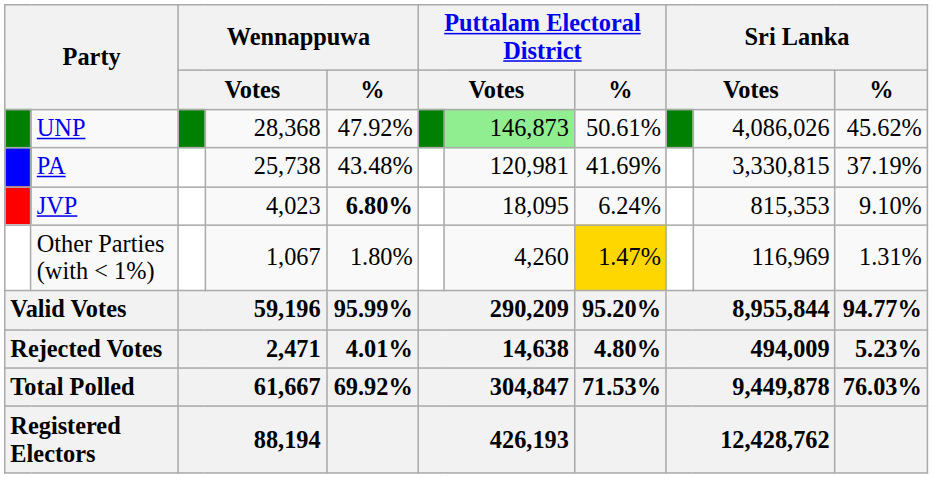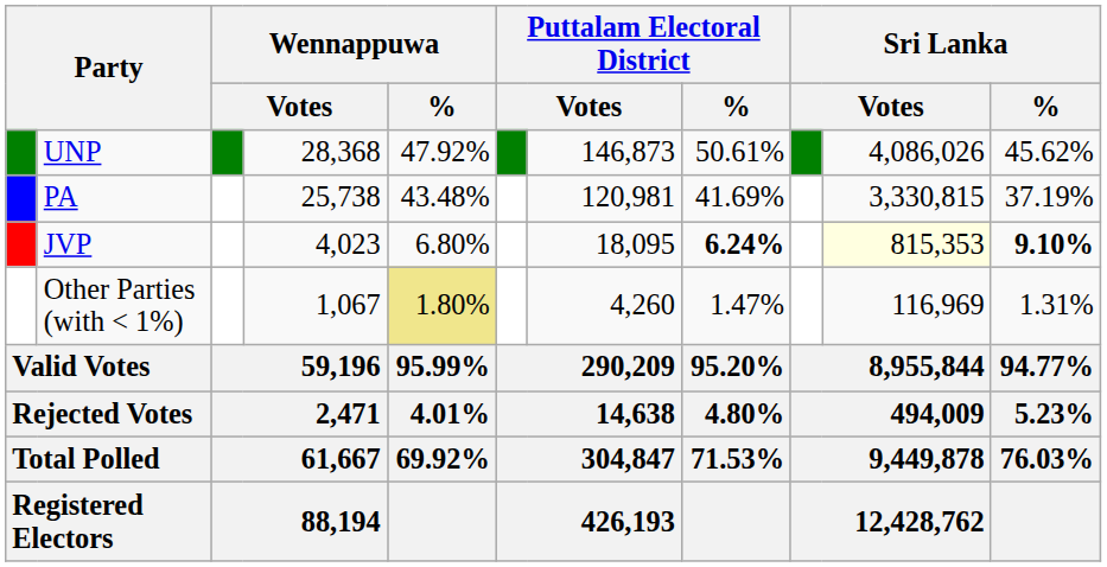 <table class="wikitable">
 <tr>
 <th colspan="2" width="144px"rowspan="2">Party</th>
 <th colspan="3" width="216px">Wennappuwa</th>
 <th colspan="3" width="216px"><a href='#'>Puttalam Electoral District</a></th>
 <th colspan="3" width="216px">Sri Lanka</th>
 </tr>
 <tr>
 <th colspan="2" width="144px">Votes</th>
 <th>%</th>
 <th colspan="2" width="144px">Votes</th>
 <th>%</th>
 <th colspan="2" width="144px">Votes</th>
 <th>%</th>
 </tr>
 <tr>
 <td style="background-color:green;" width="10px"></td>
 <td style="text-align:left;"><a href='#'>UNP</a></td>
 <td style="background-color:green;" width="10px"></td>
 <td style="text-align:right;">28,368</td>
 <td style="text-align:right;">47.92%</td>
 <td style="background-color:green;" width="10px"></td>
-<td style="background: lightgreen; text-align:right;">146,873</td>
+<td style="text-align:right;">146,873</td>
 <td style="text-align:right;">50.61%</td>
 <td style="background-color:green;" width="10px"></td>
 <td style="text-align:right;">4,086,026</td>
 <td style="text-align:right;">45.62%</td>
 </tr>
 <tr>
 <td style="background-color:blue;" width="10px"></td>
 <td style="text-align:left;"><a href='#'>PA</a></td>
 <td style="background-color:white;" width="10px"></td>
 <td style="text-align:right;">25,738</td>
 <td style="text-align:right;">43.48%</td>
 <td style="background-color:white;" width="10px"></td>
 <td style="text-align:right;">120,981</td>
 <td style="text-align:right;">41.69%</td>
 <td style="background-color:white;" width="10px"></td>
 <td style="text-align:right;">3,330,815</td>
 <td style="text-align:right;">37.19%</td>
 </tr>
 <tr>
 <td style="background-color:red;" width="10px"></td>
 <td style="text-align:left;"><a href='#'>JVP</a></td>
 <td style="background-color:white;" width="10px"></td>
 <td style="text-align:right;">4,023</td>
-<td style="text-align:right;"><strong>6.80%</strong></td>
+<td style="text-align:right;">6.80%</td>
 <td style="background-color:white;" width="10px"></td>
 <td style="text-align:right;">18,095</td>
-<td style="text-align:right;">6.24%</td>
+<td style="text-align:right;"><strong>6.24%</strong></td>
 <td style="background-color:white;" width="10px"></td>
-<td style="text-align:right;">815,353</td>
-<td style="text-align:right;">9.10%</td>
+<td style="background: lightyellow; text-align:right;">815,353</td>
+<td style="text-align:right;"><strong>9.10%</strong></td>
 </tr>
 <tr>
 <td style="background-color:white;" width="10px"></td>
 <td style="text-align:left;">Other Parties (with < 1%)</td>
 <td style="background-color:white;" width="10px"></td>
 <td style="text-align:right;">1,067</td>
-<td style="text-align:right;">1.80%</td>
+<td style="background: khaki; text-align:right;">1.80%</td>
 <td style="background-color:white;" width="10px"></td>
 <td style="text-align:right;">4,260</td>
-<td style="background: gold; text-align:right;">1.47%</td>
+<td style="text-align:right;">1.47%</td>
 <td style="background-color:white;" width="10px"></td>
 <td style="text-align:right;">116,969</td>
 <td style="text-align:right;">1.31%</td>
 </tr>
 <tr>
 <th colspan="2" width="144px"style="text-align:left;">Valid Votes</th>
 <th style="text-align:right;"colspan="2" width="144px">59,196</th>
 <th style="text-align:right;">95.99%</th>
 <th style="text-align:right;"colspan="2" width="144px">290,209</th>
 <th style="text-align:right;">95.20%</th>
 <th style="text-align:right;"colspan="2" width="144px">8,955,844</th>
 <th style="text-align:right;">94.77%</th>
 </tr>
 <tr>
 <th colspan="2" width="144px"style="text-align:left;">Rejected Votes</th>
 <th style="text-align:right;"colspan="2" width="144px">2,471</th>
 <th style="text-align:right;">4.01%</th>
 <th style="text-align:right;"colspan="2" width="144px">14,638</th>
 <th style="text-align:right;">4.80%</th>
 <th style="text-align:right;"colspan="2" width="144px">494,009</th>
 <th style="text-align:right;">5.23%</th>
 </tr>
 <tr>
 <th colspan="2" width="144px"style="text-align:left;">Total Polled</th>
 <th style="text-align:right;"colspan="2" width="144px">61,667</th>
 <th style="text-align:right;">69.92%</th>
 <th style="text-align:right;"colspan="2" width="144px">304,847</th>
 <th style="text-align:right;">71.53%</th>
 <th style="text-align:right;"colspan="2" width="144px">9,449,878</th>
 <th style="text-align:right;">76.03%</th>
 </tr>
 <tr>
 <th colspan="2" width="144px"style="text-align:left;">Registered Electors</th>
 <th style="text-align:right;"colspan="2" width="144px">88,194</th>
 <th></th>
 <th style="text-align:right;"colspan="2" width="144px">426,193</th>
 <th></th>
 <th style="text-align:right;"colspan="2" width="144px">12,428,762</th>
 <th></th>
 </tr>
 </table>
